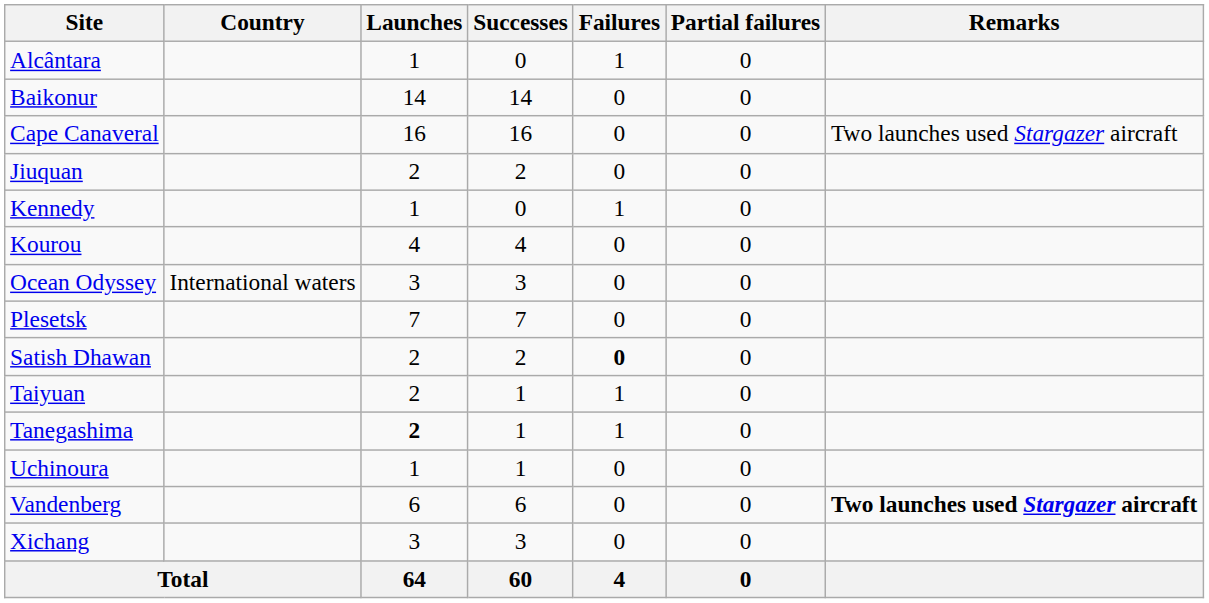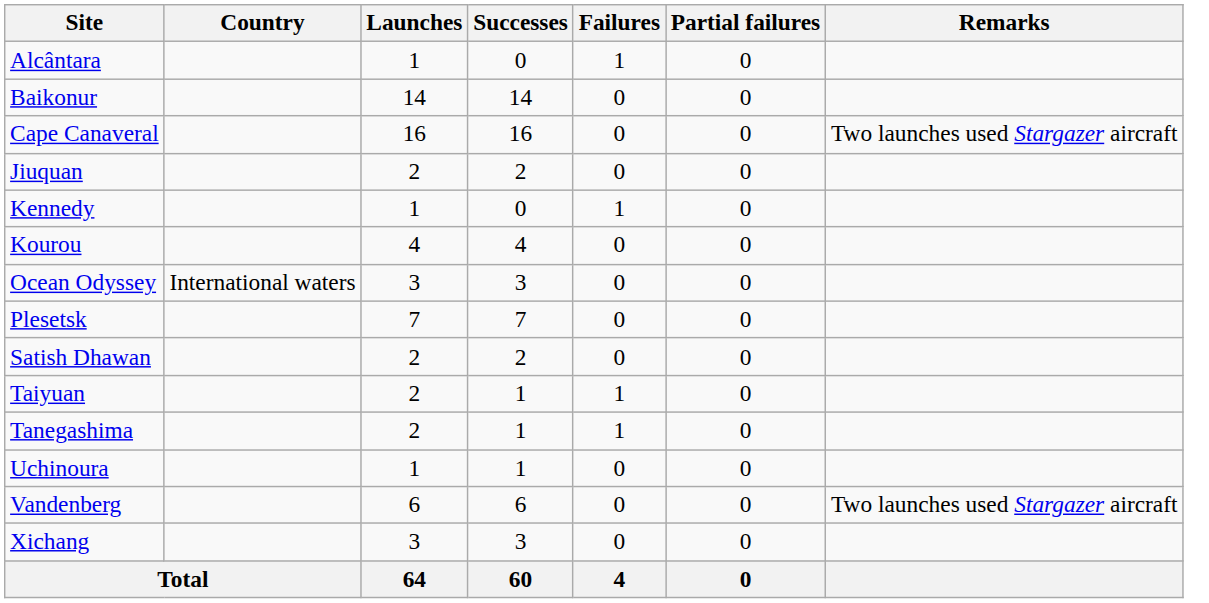 <table class="wikitable sortable" style=text-align:center>
 <tr>
 <th>Site</th>
 <th>Country</th>
 <th>Launches</th>
 <th>Successes</th>
 <th>Failures</th>
 <th>Partial failures</th>
 <th>Remarks</th>
 </tr>
 <tr>
 <td align=left><a href='#'>Alcântara</a></td>
 <td align=left></td>
 <td>1</td>
 <td>0</td>
 <td>1</td>
 <td>0</td>
 <td></td>
 </tr>
 <tr>
 <td align=left><a href='#'>Baikonur</a></td>
 <td align=left></td>
 <td>14</td>
 <td>14</td>
 <td>0</td>
 <td>0</td>
 <td></td>
 </tr>
 <tr>
 <td align=left><a href='#'>Cape Canaveral</a></td>
 <td align=left></td>
 <td>16</td>
 <td>16</td>
 <td>0</td>
 <td>0</td>
 <td align=left>Two launches used <a href='#'><em>Stargazer</em></a> aircraft</td>
 </tr>
 <tr>
 <td align=left><a href='#'>Jiuquan</a></td>
 <td align=left></td>
 <td>2</td>
 <td>2</td>
 <td>0</td>
 <td>0</td>
 <td></td>
 </tr>
 <tr>
 <td align=left><a href='#'>Kennedy</a></td>
 <td align=left></td>
 <td>1</td>
 <td>0</td>
 <td>1</td>
 <td>0</td>
 <td></td>
 </tr>
 <tr>
 <td align=left><a href='#'>Kourou</a></td>
 <td align=left></td>
 <td>4</td>
 <td>4</td>
 <td>0</td>
 <td>0</td>
 <td></td>
 </tr>
 <tr>
 <td align=left><a href='#'>Ocean Odyssey</a></td>
 <td align=left> International waters</td>
 <td>3</td>
 <td>3</td>
 <td>0</td>
 <td>0</td>
 <td></td>
 </tr>
 <tr>
 <td align=left><a href='#'>Plesetsk</a></td>
 <td align=left></td>
 <td>7</td>
 <td>7</td>
 <td>0</td>
 <td>0</td>
 <td></td>
 </tr>
 <tr>
 <td align=left><a href='#'>Satish Dhawan</a></td>
 <td align=left></td>
 <td>2</td>
 <td>2</td>
-<td><strong>0</strong></td>
+<td>0</td>
 <td>0</td>
 <td></td>
 </tr>
 <tr>
 <td align=left><a href='#'>Taiyuan</a></td>
 <td align=left></td>
 <td>2</td>
 <td>1</td>
 <td>1</td>
 <td>0</td>
 <td></td>
 </tr>
 <tr>
 <td align=left><a href='#'>Tanegashima</a></td>
 <td align=left></td>
-<td><strong>2</strong></td>
+<td>2</td>
 <td>1</td>
 <td>1</td>
 <td>0</td>
 <td></td>
 </tr>
 <tr>
 <td align=left><a href='#'>Uchinoura</a></td>
 <td align=left></td>
 <td>1</td>
 <td>1</td>
 <td>0</td>
 <td>0</td>
 <td></td>
 </tr>
 <tr>
 <td align=left><a href='#'>Vandenberg</a></td>
 <td align=left></td>
 <td>6</td>
 <td>6</td>
 <td>0</td>
 <td>0</td>
-<td align=left><strong>Two launches used <a href='#'><em>Stargazer</em></a> aircraft</strong></td>
+<td align=left>Two launches used <a href='#'><em>Stargazer</em></a> aircraft</td>
 </tr>
 <tr>
 <td align=left><a href='#'>Xichang</a></td>
 <td align=left></td>
 <td>3</td>
 <td>3</td>
 <td>0</td>
 <td>0</td>
 <td></td>
 </tr>
 <tr class="sortbottom">
 <th colspan=2>Total</th>
 <th>64</th>
 <th>60</th>
 <th>4</th>
 <th>0</th>
 <th></th>
 </tr>
 </table>
